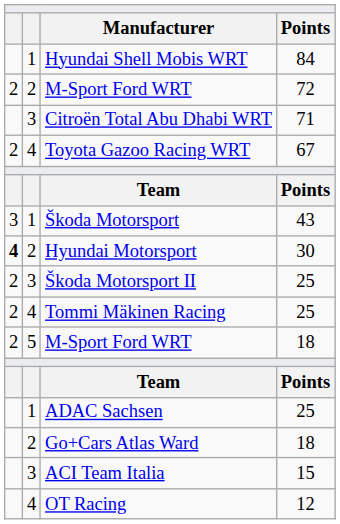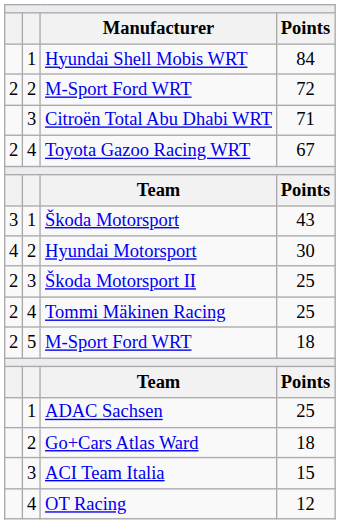 <table class="wikitable" style="font-size: 85%;">
 <tr>
 <td style="background-color:#EAECF0; text-align:center" colspan="4"></td>
 </tr>
 <tr>
 <th></th>
 <th></th>
 <th>Manufacturer</th>
 <th>Points</th>
 </tr>
 <tr>
 <td align="left"></td>
 <td align="center">1</td>
 <td> <a href='#'>Hyundai Shell Mobis WRT</a></td>
 <td align="center">84</td>
 </tr>
 <tr>
 <td align="left"> 2</td>
 <td align="center">2</td>
 <td> <a href='#'>M-Sport Ford WRT</a></td>
 <td align="center">72</td>
 </tr>
 <tr>
 <td align="left"></td>
 <td align="center">3</td>
 <td> <a href='#'>Citroën Total Abu Dhabi WRT</a></td>
 <td align="center">71</td>
 </tr>
 <tr>
 <td align="left"> 2</td>
 <td align="center">4</td>
 <td> <a href='#'>Toyota Gazoo Racing WRT</a></td>
 <td align="center">67</td>
 </tr>
 <tr>
 <td style="background-color:#EAECF0; text-align:center" colspan="4"></td>
 </tr>
 <tr>
 <th></th>
 <th></th>
 <th>Team</th>
 <th>Points</th>
 </tr>
 <tr>
 <td align="left"> 3</td>
 <td align="center">1</td>
 <td> <a href='#'>Škoda Motorsport</a></td>
 <td align="center">43</td>
 </tr>
 <tr>
-<td align="left"><strong> 4</strong></td>
+<td align="left"> 4</td>
 <td align="center">2</td>
 <td> <a href='#'>Hyundai Motorsport</a></td>
 <td align="center">30</td>
 </tr>
 <tr>
 <td align="left"> 2</td>
 <td align="center">3</td>
 <td> <a href='#'>Škoda Motorsport II</a></td>
 <td align="center">25</td>
 </tr>
 <tr>
 <td align="left"> 2</td>
 <td align="center">4</td>
 <td> <a href='#'>Tommi Mäkinen Racing</a></td>
 <td align="center">25</td>
 </tr>
 <tr>
 <td align="left"> 2</td>
 <td align="center">5</td>
 <td> <a href='#'>M-Sport Ford WRT</a></td>
 <td align="center">18</td>
 </tr>
 <tr>
 <td style="background-color:#EAECF0; text-align:center" colspan="4"></td>
 </tr>
 <tr>
 <th></th>
 <th></th>
 <th>Team</th>
 <th>Points</th>
 </tr>
 <tr>
 <td align="left"></td>
 <td align="center">1</td>
 <td> <a href='#'>ADAC Sachsen</a></td>
 <td align="center">25</td>
 </tr>
 <tr>
 <td align="left"></td>
 <td align="center">2</td>
 <td> <a href='#'>Go+Cars Atlas Ward</a></td>
 <td align="center">18</td>
 </tr>
 <tr>
 <td align="left"></td>
 <td align="center">3</td>
 <td> <a href='#'>ACI Team Italia</a></td>
 <td align="center">15</td>
 </tr>
 <tr>
 <td align="left"></td>
 <td align="center">4</td>
 <td> <a href='#'>OT Racing</a></td>
 <td align="center">12</td>
 </tr>
 </table>
